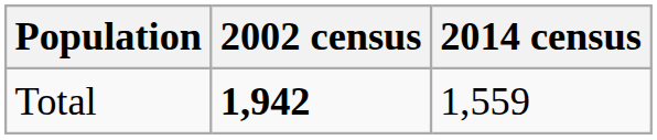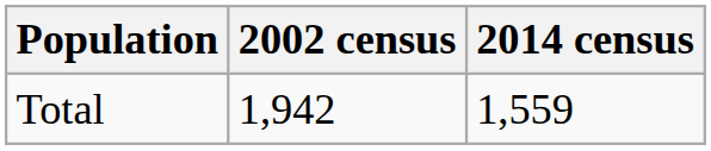 <table class="wikitable">
 <tr>
 <th>Population</th>
 <th>2002 census</th>
 <th>2014 census</th>
 </tr>
 <tr>
 <td>Total</td>
-<td><strong>1,942</strong></td>
+<td>1,942</td>
 <td>1,559</td>
 </tr>
 </table>
